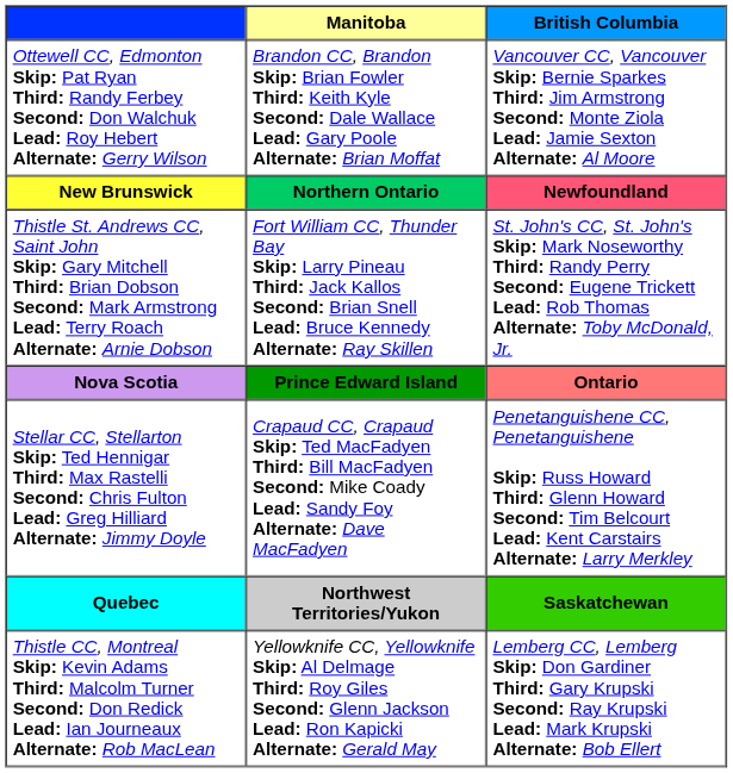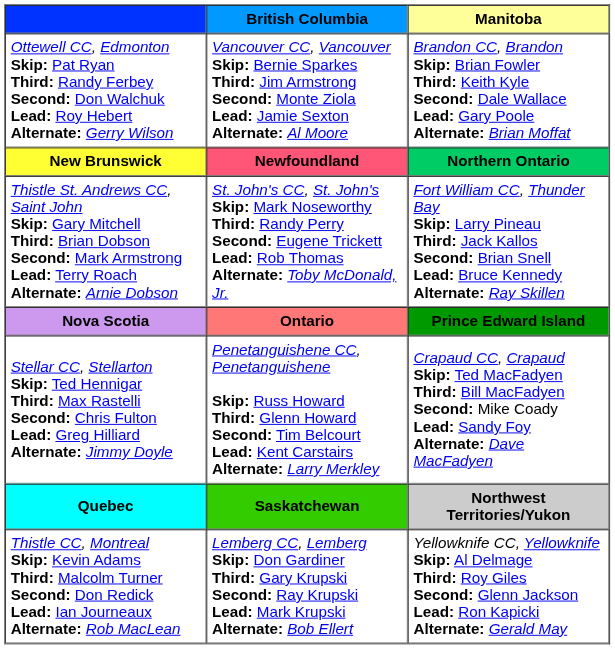 <table border=1 cellpadding=5 cellspacing=0>
 <tr>
 <th style="background:#03f; width:200px;"></th>
+<th style="background:#09f; width:200px;">British Columbia</th>
 <th style="background:#ff9; width:200px;">Manitoba</th>
-<th style="background:#09f; width:200px;">British Columbia</th>
 </tr>
 <tr>
 <td><em><a href='#'>Ottewell CC</a>, <a href='#'>Edmonton</a></em><br><strong>Skip:</strong> <a href='#'>Pat Ryan</a><br> <strong>Third:</strong> <a href='#'>Randy Ferbey</a><br> <strong>Second:</strong> <a href='#'>Don Walchuk</a><br> <strong>Lead:</strong> <a href='#'>Roy Hebert</a><br> <strong>Alternate:</strong> <em><a href='#'>Gerry Wilson</a></em></td>
+<td><em><a href='#'>Vancouver CC</a>, <a href='#'>Vancouver</a></em><br><strong>Skip:</strong> <a href='#'>Bernie Sparkes</a><br> <strong>Third:</strong> <a href='#'>Jim Armstrong</a><br> <strong>Second:</strong> <a href='#'>Monte Ziola</a><br> <strong>Lead:</strong> <a href='#'>Jamie Sexton</a><br> <strong>Alternate:</strong> <em><a href='#'>Al Moore</a></em></td>
 <td><em><a href='#'>Brandon CC</a>, <a href='#'>Brandon</a></em><br><strong>Skip:</strong> <a href='#'>Brian Fowler</a><br> <strong>Third:</strong> <a href='#'>Keith Kyle</a><br> <strong>Second:</strong> <a href='#'>Dale Wallace</a><br> <strong>Lead:</strong> <a href='#'>Gary Poole</a><br> <strong>Alternate:</strong> <em><a href='#'>Brian Moffat</a></em></td>
-<td><em><a href='#'>Vancouver CC</a>, <a href='#'>Vancouver</a></em><br><strong>Skip:</strong> <a href='#'>Bernie Sparkes</a><br> <strong>Third:</strong> <a href='#'>Jim Armstrong</a><br> <strong>Second:</strong> <a href='#'>Monte Ziola</a><br> <strong>Lead:</strong> <a href='#'>Jamie Sexton</a><br> <strong>Alternate:</strong> <em><a href='#'>Al Moore</a></em></td>
 </tr>
 <tr>
 <th style="background:#ff3; width:200px;">New Brunswick</th>
+<th style="background:#f57; width:200px;">Newfoundland</th>
 <th style="background:#0c6; width:200px;">Northern Ontario</th>
-<th style="background:#f57; width:200px;">Newfoundland</th>
 </tr>
 <tr>
 <td><em><a href='#'>Thistle St. Andrews CC</a>, <a href='#'>Saint John</a></em><br><strong>Skip:</strong> <a href='#'>Gary Mitchell</a><br> <strong>Third:</strong> <a href='#'>Brian Dobson</a><br> <strong>Second:</strong> <a href='#'>Mark Armstrong</a><br> <strong>Lead:</strong> <a href='#'>Terry Roach</a><br> <strong>Alternate:</strong> <em><a href='#'>Arnie Dobson</a></em></td>
+<td><em><a href='#'>St. John's CC</a>, <a href='#'>St. John's</a></em><br><strong>Skip:</strong> <a href='#'>Mark Noseworthy</a><br> <strong>Third:</strong> <a href='#'>Randy Perry</a><br> <strong>Second:</strong> <a href='#'>Eugene Trickett</a><br> <strong>Lead:</strong> <a href='#'>Rob Thomas</a><br> <strong>Alternate:</strong> <em><a href='#'>Toby McDonald, Jr.</a></em></td>
 <td><em><a href='#'>Fort William CC</a>, <a href='#'>Thunder Bay</a></em><br><strong>Skip:</strong> <a href='#'>Larry Pineau</a><br> <strong>Third:</strong> <a href='#'>Jack Kallos</a><br> <strong>Second:</strong> <a href='#'>Brian Snell</a><br> <strong>Lead:</strong> <a href='#'>Bruce Kennedy</a><br> <strong>Alternate:</strong> <em><a href='#'>Ray Skillen</a></em></td>
-<td><em><a href='#'>St. John's CC</a>, <a href='#'>St. John's</a></em><br><strong>Skip:</strong> <a href='#'>Mark Noseworthy</a><br> <strong>Third:</strong> <a href='#'>Randy Perry</a><br> <strong>Second:</strong> <a href='#'>Eugene Trickett</a><br> <strong>Lead:</strong> <a href='#'>Rob Thomas</a><br> <strong>Alternate:</strong> <em><a href='#'>Toby McDonald, Jr.</a></em></td>
 </tr>
 <tr>
 <th style="background:#c9e; width:200px;">Nova Scotia</th>
+<th style="background:#f77; width:200px;">Ontario</th>
 <th style="background:#090; width:200px;">Prince Edward Island</th>
-<th style="background:#f77; width:200px;">Ontario</th>
 </tr>
 <tr>
 <td><em><a href='#'>Stellar CC</a>, <a href='#'>Stellarton</a></em><br><strong>Skip:</strong> <a href='#'>Ted Hennigar</a><br> <strong>Third:</strong> <a href='#'>Max Rastelli</a><br> <strong>Second:</strong> <a href='#'>Chris Fulton</a><br> <strong>Lead:</strong> <a href='#'>Greg Hilliard</a><br> <strong>Alternate:</strong> <em><a href='#'>Jimmy Doyle</a></em></td>
+<td><em><a href='#'>Penetanguishene CC</a>, <a href='#'>Penetanguishene</a></em><br><br><strong>Skip:</strong> <a href='#'>Russ Howard</a> <br> <strong>Third:</strong> <a href='#'>Glenn Howard</a> <br> <strong>Second:</strong> <a href='#'>Tim Belcourt</a> <br> <strong>Lead:</strong> <a href='#'>Kent Carstairs</a> <br> <strong>Alternate:</strong> <em><a href='#'>Larry Merkley</a></em></td>
 <td><em><a href='#'>Crapaud CC</a>, <a href='#'>Crapaud</a></em><br><strong>Skip:</strong> <a href='#'>Ted MacFadyen</a><br> <strong>Third:</strong> <a href='#'>Bill MacFadyen</a><br> <strong>Second:</strong> Mike Coady<br> <strong>Lead:</strong> <a href='#'>Sandy Foy</a><br> <strong>Alternate:</strong> <em><a href='#'>Dave MacFadyen</a></em></td>
-<td><em><a href='#'>Penetanguishene CC</a>, <a href='#'>Penetanguishene</a></em><br><br><strong>Skip:</strong> <a href='#'>Russ Howard</a> <br> <strong>Third:</strong> <a href='#'>Glenn Howard</a> <br> <strong>Second:</strong> <a href='#'>Tim Belcourt</a> <br> <strong>Lead:</strong> <a href='#'>Kent Carstairs</a> <br> <strong>Alternate:</strong> <em><a href='#'>Larry Merkley</a></em></td>
 </tr>
 <tr>
 <th style="background:#0ff; width:200px;">Quebec</th>
+<th style="background:#3c0; width:200px;">Saskatchewan</th>
 <th style="background:#ccc; width:200px;">Northwest Territories/Yukon</th>
-<th style="background:#3c0; width:200px;">Saskatchewan</th>
 </tr>
 <tr>
 <td><em><a href='#'>Thistle CC</a>, <a href='#'>Montreal</a></em><br><strong>Skip:</strong> <a href='#'>Kevin Adams</a><br> <strong>Third:</strong> <a href='#'>Malcolm Turner</a><br> <strong>Second:</strong> <a href='#'>Don Redick</a><br> <strong>Lead:</strong> <a href='#'>Ian Journeaux</a><br> <strong>Alternate:</strong> <em><a href='#'>Rob MacLean</a></em></td>
+<td><em><a href='#'>Lemberg CC</a>, <a href='#'>Lemberg</a></em><br><strong>Skip:</strong> <a href='#'>Don Gardiner</a><br> <strong>Third:</strong> <a href='#'>Gary Krupski</a><br> <strong>Second:</strong> <a href='#'>Ray Krupski</a><br> <strong>Lead:</strong> <a href='#'>Mark Krupski</a><br> <strong>Alternate:</strong> <em><a href='#'>Bob Ellert</a></em></td>
 <td><em>Yellowknife CC, <a href='#'>Yellowknife</a></em><br><strong>Skip:</strong> <a href='#'>Al Delmage</a><br> <strong>Third:</strong> <a href='#'>Roy Giles</a><br> <strong>Second:</strong> <a href='#'>Glenn Jackson</a><br> <strong>Lead:</strong> <a href='#'>Ron Kapicki</a><br> <strong>Alternate:</strong> <em><a href='#'>Gerald May</a></em></td>
-<td><em><a href='#'>Lemberg CC</a>, <a href='#'>Lemberg</a></em><br><strong>Skip:</strong> <a href='#'>Don Gardiner</a><br> <strong>Third:</strong> <a href='#'>Gary Krupski</a><br> <strong>Second:</strong> <a href='#'>Ray Krupski</a><br> <strong>Lead:</strong> <a href='#'>Mark Krupski</a><br> <strong>Alternate:</strong> <em><a href='#'>Bob Ellert</a></em></td>
 </tr>
 </table>
